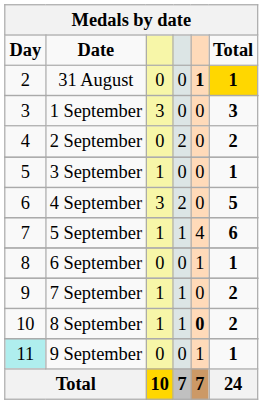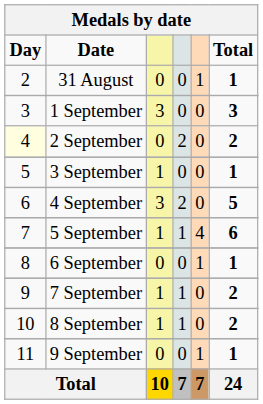 <table class=wikitable style="font-size:95%; float:right;clear:right;margin-left:0.5em;">
 <tr style="background:#efefef;">
 <th colspan=6>Medals by date</th>
 </tr>
 <tr style="text-align:center;">
 <td><strong>Day</strong></td>
 <td><strong>Date</strong></td>
 <td style="background:#F7F6A8;"></td>
 <td style="background:#DCE5E5;"></td>
 <td style="background:#FFDAB9;"></td>
 <td><strong>Total</strong></td>
 </tr>
 <tr style="text-align:center;">
 <td>2</td>
 <td>31 August</td>
 <td style="background:#F7F6A8;">0</td>
 <td style="background:#DCE5E5;">0</td>
-<td style="background:#FFDAB9;"><strong>1</strong></td>
-<td style="background: gold;"><strong>1</strong></td>
+<td style="background:#FFDAB9;">1</td>
+<td><strong>1</strong></td>
 </tr>
 <tr>
 </tr>
 <tr style="text-align:center;">
 <td>3</td>
 <td>1 September</td>
 <td style="background:#F7F6A8;">3</td>
 <td style="background:#DCE5E5;">0</td>
 <td style="background:#FFDAB9;">0</td>
 <td><strong>3</strong></td>
 </tr>
 <tr style="text-align:center;">
-<td>4</td>
+<td style="background: lightyellow;">4</td>
 <td>2 September</td>
 <td style="background:#F7F6A8;">0</td>
 <td style="background:#DCE5E5;">2</td>
 <td style="background:#FFDAB9;">0</td>
 <td><strong>2</strong></td>
 </tr>
 <tr>
 </tr>
 <tr style="text-align:center;">
 <td>5</td>
 <td>3 September</td>
 <td style="background:#F7F6A8;">1</td>
 <td style="background:#DCE5E5;">0</td>
 <td style="background:#FFDAB9;">0</td>
 <td><strong>1</strong></td>
 </tr>
 <tr>
 </tr>
 <tr style="text-align:center;">
 <td>6</td>
 <td>4 September</td>
 <td style="background:#F7F6A8;">3</td>
 <td style="background:#DCE5E5;">2</td>
 <td style="background:#FFDAB9;">0</td>
 <td><strong>5</strong></td>
 </tr>
 <tr>
 </tr>
 <tr style="text-align:center;">
 <td>7</td>
 <td>5 September</td>
 <td style="background:#F7F6A8;">1</td>
 <td style="background:#DCE5E5;">1</td>
 <td style="background:#FFDAB9;">4</td>
 <td><strong>6</strong></td>
 </tr>
 <tr>
 </tr>
 <tr style="text-align:center;">
 <td>8</td>
 <td>6 September</td>
 <td style="background:#F7F6A8;">0</td>
 <td style="background:#DCE5E5;">0</td>
 <td style="background:#FFDAB9;">1</td>
 <td><strong>1</strong></td>
 </tr>
 <tr>
 </tr>
 <tr style="text-align:center;">
 <td>9</td>
 <td>7 September</td>
 <td style="background:#F7F6A8;">1</td>
 <td style="background:#DCE5E5;">1</td>
 <td style="background:#FFDAB9;">0</td>
 <td><strong>2</strong></td>
 </tr>
 <tr>
 </tr>
 <tr style="text-align:center;">
 <td>10</td>
 <td>8 September</td>
 <td style="background:#F7F6A8;">1</td>
 <td style="background:#DCE5E5;">1</td>
-<td style="background:#FFDAB9;"><strong>0</strong></td>
+<td style="background:#FFDAB9;">0</td>
 <td><strong>2</strong></td>
 </tr>
 <tr>
 </tr>
 <tr style="text-align:center;">
-<td style="background: paleturquoise;">11</td>
+<td>11</td>
 <td>9 September</td>
 <td style="background:#F7F6A8;">0</td>
 <td style="background:#DCE5E5;">0</td>
 <td style="background:#FFDAB9;">1</td>
 <td><strong>1</strong></td>
 </tr>
 <tr>
 <th colspan="2">Total</th>
 <th style="background:gold;">10</th>
 <th style="background:silver;">7</th>
 <th style="background:#c96;">7</th>
 <th>24</th>
 </tr>
 </table>
